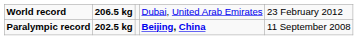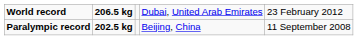 <table class="wikitable">
 <tr>
 <td><strong>World record</strong></td>
 <td><strong>206.5 kg</strong></td>
 <td></td>
 <td><a href='#'>Dubai</a>, <a href='#'>United Arab Emirates</a></td>
 <td>23 February 2012</td>
 </tr>
 <tr>
 <td><strong>Paralympic record</strong></td>
 <td><strong>202.5 kg</strong></td>
 <td></td>
-<td><strong><a href='#'>Beijing</a>, <a href='#'>China</a></strong></td>
+<td><a href='#'>Beijing</a>, <a href='#'>China</a></td>
 <td>11 September 2008</td>
 </tr>
 </table>
